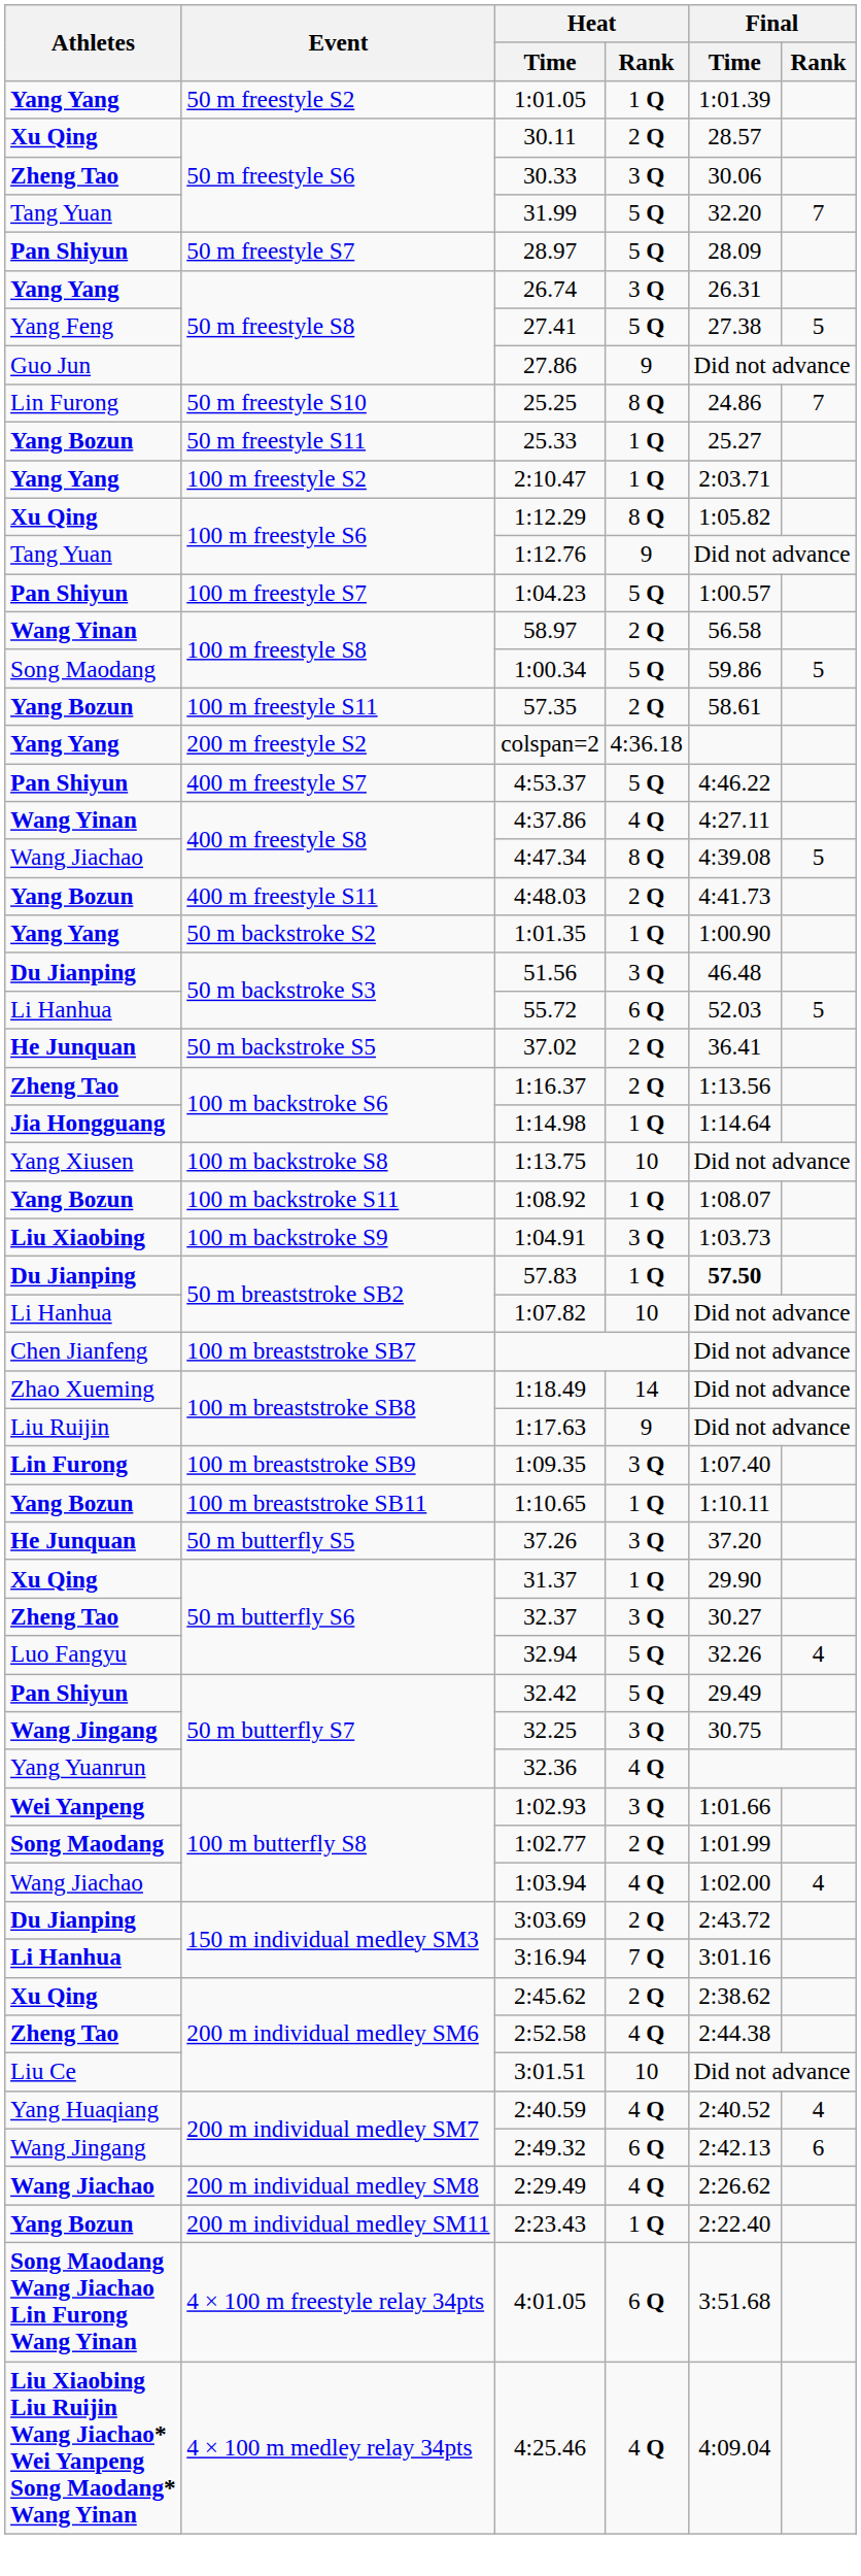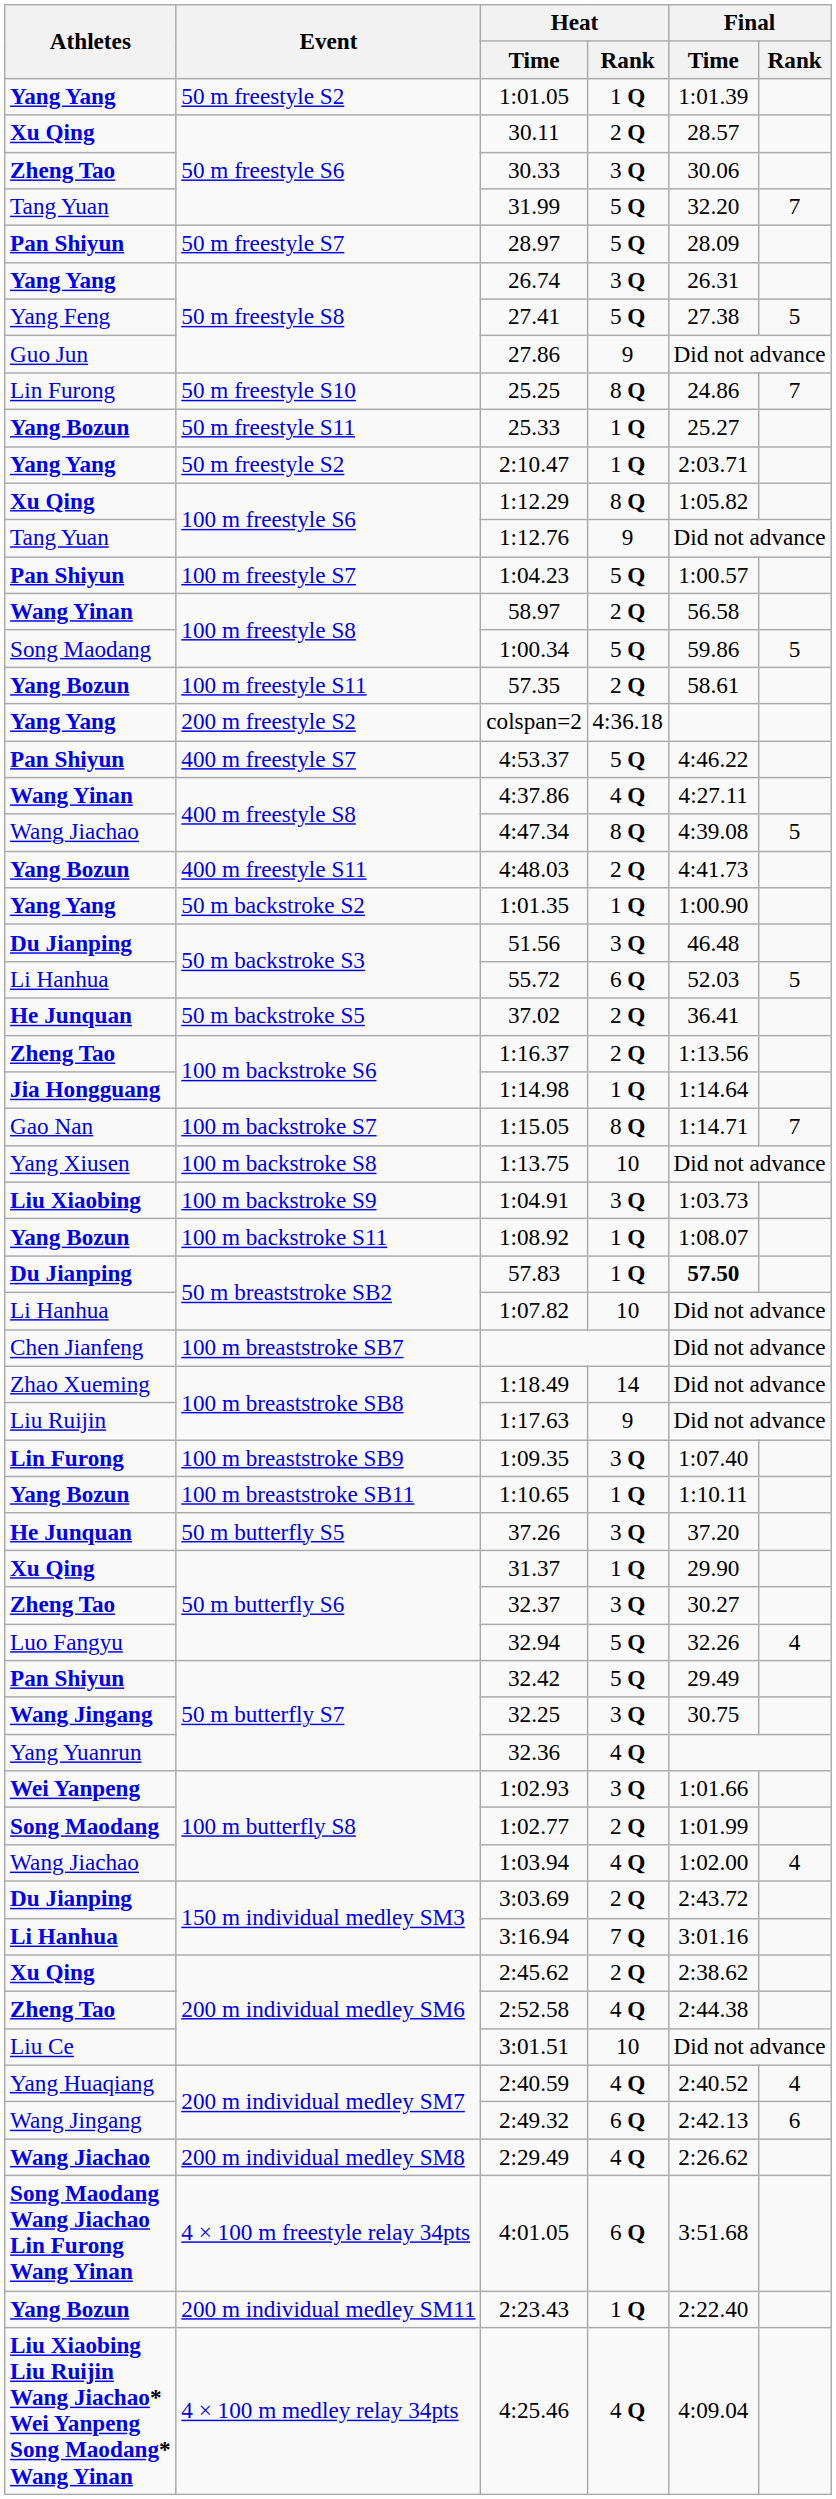 <table class=wikitable>
 <tr>
 <th rowspan="2">Athletes</th>
 <th rowspan="2">Event</th>
 <th colspan="2">Heat</th>
 <th colspan="2">Final</th>
 </tr>
 <tr>
 <th>Time</th>
 <th>Rank</th>
 <th>Time</th>
 <th>Rank</th>
 </tr>
 <tr align=center>
 <td align=left><strong><a href='#'>Yang Yang</a></strong></td>
 <td align=left><a href='#'>50 m freestyle S2</a></td>
 <td>1:01.05</td>
 <td>1 <strong>Q</strong></td>
 <td>1:01.39</td>
 <td></td>
 </tr>
 <tr align=center>
 <td align=left><strong><a href='#'>Xu Qing</a></strong></td>
 <td align=left rowspan=3><a href='#'>50 m freestyle S6</a></td>
 <td>30.11</td>
 <td>2 <strong>Q</strong></td>
 <td>28.57 </td>
 <td></td>
 </tr>
 <tr align=center>
 <td align=left><strong><a href='#'>Zheng Tao</a></strong></td>
 <td>30.33</td>
 <td>3 <strong>Q</strong></td>
 <td>30.06</td>
 <td></td>
 </tr>
 <tr align=center>
 <td align=left><a href='#'>Tang Yuan</a></td>
 <td>31.99</td>
 <td>5 <strong>Q</strong></td>
 <td>32.20</td>
 <td>7</td>
 </tr>
 <tr align=center>
 <td align=left><strong><a href='#'>Pan Shiyun</a></strong></td>
 <td align=left><a href='#'>50 m freestyle S7</a></td>
 <td>28.97 </td>
 <td>5 <strong>Q</strong></td>
 <td>28.09 </td>
 <td></td>
 </tr>
 <tr align=center>
 <td align=left><strong><a href='#'>Yang Yang</a></strong></td>
 <td align=left rowspan=3><a href='#'>50 m freestyle S8</a></td>
 <td>26.74</td>
 <td>3 <strong>Q</strong></td>
 <td>26.31 </td>
 <td></td>
 </tr>
 <tr align=center>
 <td align=left><a href='#'>Yang Feng</a></td>
 <td>27.41</td>
 <td>5 <strong>Q</strong></td>
 <td>27.38</td>
 <td>5</td>
 </tr>
 <tr align=center>
 <td align=left><a href='#'>Guo Jun</a></td>
 <td>27.86</td>
 <td>9</td>
 <td colspan=2>Did not advance</td>
 </tr>
 <tr align=center>
 <td align=left><a href='#'>Lin Furong</a></td>
 <td align=left><a href='#'>50 m freestyle S10</a></td>
 <td>25.25 </td>
 <td>8 <strong>Q</strong></td>
 <td>24.86 </td>
 <td>7</td>
 </tr>
 <tr align=center>
 <td align=left><strong><a href='#'>Yang Bozun</a></strong></td>
 <td align=left><a href='#'>50 m freestyle S11</a></td>
 <td>25.33 </td>
 <td>1 <strong>Q</strong></td>
 <td>25.27 </td>
 <td></td>
 </tr>
 <tr align=center>
 <td align=left><strong><a href='#'>Yang Yang</a></strong></td>
-<td align=left><a href='#'>100 m freestyle S2</a></td>
+<td align=left><a href='#'>50 m freestyle S2</a></td>
 <td>2:10.47 </td>
 <td>1 <strong>Q</strong></td>
 <td>2:03.71 </td>
 <td></td>
 </tr>
 <tr align=center>
 <td align=left><strong><a href='#'>Xu Qing</a></strong></td>
 <td align=left rowspan=2><a href='#'>100 m freestyle S6</a></td>
 <td>1:12.29</td>
 <td>8 <strong>Q</strong></td>
 <td>1:05.82 </td>
 <td></td>
 </tr>
 <tr align=center>
 <td align=left><a href='#'>Tang Yuan</a></td>
 <td>1:12.76</td>
 <td>9</td>
 <td colspan=2>Did not advance</td>
 </tr>
 <tr align=center>
 <td align=left><strong><a href='#'>Pan Shiyun</a></strong></td>
 <td align=left><a href='#'>100 m freestyle S7</a></td>
 <td>1:04.23</td>
 <td>5 <strong>Q</strong></td>
 <td>1:00.57 </td>
 <td></td>
 </tr>
 <tr align=center>
 <td align=left><strong><a href='#'>Wang Yinan</a></strong></td>
 <td align=left rowspan=2><a href='#'>100 m freestyle S8</a></td>
 <td>58.97</td>
 <td>2 <strong>Q</strong></td>
 <td>56.58 </td>
 <td></td>
 </tr>
 <tr align=center>
 <td align=left><a href='#'>Song Maodang</a></td>
 <td>1:00.34</td>
 <td>5 <strong>Q</strong></td>
 <td>59.86</td>
 <td>5</td>
 </tr>
 <tr align=center>
 <td align=left><strong><a href='#'>Yang Bozun</a></strong></td>
 <td align=left><a href='#'>100 m freestyle S11</a></td>
 <td>57.35 </td>
 <td>2 <strong>Q</strong></td>
 <td>58.61</td>
 <td></td>
 </tr>
 <tr align=center>
 <td align=left><strong><a href='#'>Yang Yang</a></strong></td>
 <td align=left><a href='#'>200 m freestyle S2</a></td>
 <td>colspan=2 </td>
 <td>4:36.18 </td>
 <td></td>
 </tr>
 <tr align=center>
 <td align=left><strong><a href='#'>Pan Shiyun</a></strong></td>
 <td align=left><a href='#'>400 m freestyle S7</a></td>
 <td>4:53.37 </td>
 <td>5 <strong>Q</strong></td>
 <td>4:46.22 </td>
 <td></td>
 </tr>
 <tr align=center>
 <td align=left><strong><a href='#'>Wang Yinan</a></strong></td>
 <td align=left rowspan=2><a href='#'>400 m freestyle S8</a></td>
 <td>4:37.86</td>
 <td>4 <strong>Q</strong></td>
 <td>4:27.11 </td>
 <td></td>
 </tr>
 <tr align=center>
 <td align=left><a href='#'>Wang Jiachao</a></td>
 <td>4:47.34</td>
 <td>8 <strong>Q</strong></td>
 <td>4:39.08</td>
 <td>5</td>
 </tr>
 <tr align=center>
 <td align=left><strong><a href='#'>Yang Bozun</a></strong></td>
 <td align=left><a href='#'>400 m freestyle S11</a></td>
 <td>4:48.03</td>
 <td>2 <strong>Q</strong></td>
 <td>4:41.73 </td>
 <td></td>
 </tr>
 <tr align=center>
 <td align=left><strong><a href='#'>Yang Yang</a></strong></td>
 <td align=left><a href='#'>50 m backstroke S2</a></td>
 <td>1:01.35 </td>
 <td>1 <strong>Q</strong></td>
 <td>1:00.90 </td>
 <td></td>
 </tr>
 <tr align=center>
 <td align=left><strong><a href='#'>Du Jianping</a></strong></td>
 <td align=left rowspan=2><a href='#'>50 m backstroke S3</a></td>
 <td>51.56</td>
 <td>3 <strong>Q</strong></td>
 <td>46.48</td>
 <td></td>
 </tr>
 <tr align=center>
 <td align=left><a href='#'>Li Hanhua</a></td>
 <td>55.72</td>
 <td>6 <strong>Q</strong></td>
 <td>52.03</td>
 <td>5</td>
 </tr>
 <tr align=center>
 <td align=left><strong><a href='#'>He Junquan</a></strong></td>
 <td align=left><a href='#'>50 m backstroke S5</a></td>
 <td>37.02</td>
 <td>2 <strong>Q</strong></td>
 <td>36.41</td>
 <td></td>
 </tr>
 <tr align=center>
 <td align=left><strong><a href='#'>Zheng Tao</a></strong></td>
 <td align=left rowspan=2><a href='#'>100 m backstroke S6</a></td>
 <td>1:16.37</td>
 <td>2 <strong>Q</strong></td>
 <td>1:13.56 </td>
 <td></td>
 </tr>
 <tr align=center>
 <td align=left><strong><a href='#'>Jia Hongguang</a></strong></td>
 <td>1:14.98 </td>
 <td>1 <strong>Q</strong></td>
 <td>1:14.64</td>
 <td></td>
 </tr>
 <tr align=center>
+<td align=left><a href='#'>Gao Nan</a></td>
+<td align=left><a href='#'>100 m backstroke S7</a></td>
+<td>1:15.05 </td>
+<td>8 <strong>Q</strong></td>
+<td>1:14.71 </td>
+<td>7</td>
+</tr>
+<tr align=center>
 <td align=left><a href='#'>Yang Xiusen</a></td>
 <td align=left><a href='#'>100 m backstroke S8</a></td>
 <td>1:13.75</td>
 <td>10</td>
 <td colspan=2>Did not advance</td>
 </tr>
 <tr align=center>
+<td align=left><strong><a href='#'>Liu Xiaobing</a></strong></td>
+<td align=left><a href='#'>100 m backstroke S9</a></td>
+<td>1:04.91</td>
+<td>3 <strong>Q</strong></td>
+<td>1:03.73</td>
+<td></td>
+</tr>
+<tr align=center>
 <td align=left><strong><a href='#'>Yang Bozun</a></strong></td>
 <td align=left><a href='#'>100 m backstroke S11</a></td>
 <td>1:08.92</td>
 <td>1 <strong>Q</strong></td>
 <td>1:08.07</td>
-<td></td>
-</tr>
-<tr align=center>
-<td align=left><strong><a href='#'>Liu Xiaobing</a></strong></td>
-<td align=left><a href='#'>100 m backstroke S9</a></td>
-<td>1:04.91</td>
-<td>3 <strong>Q</strong></td>
-<td>1:03.73</td>
 <td></td>
 </tr>
 <tr align=center>
 <td align=left><strong><a href='#'>Du Jianping</a></strong></td>
 <td align=left rowspan=2><a href='#'>50 m breaststroke SB2</a></td>
 <td>57.83 </td>
 <td>1 <strong>Q</strong></td>
 <td><strong>57.50 </strong></td>
 <td></td>
 </tr>
 <tr align=center>
 <td align=left><a href='#'>Li Hanhua</a></td>
 <td>1:07.82</td>
 <td>10</td>
 <td colspan=2>Did not advance</td>
 </tr>
 <tr align=center>
 <td align=left><a href='#'>Chen Jianfeng</a></td>
 <td align=left><a href='#'>100 m breaststroke SB7</a></td>
 <td colspan=2></td>
 <td colspan=2>Did not advance</td>
 </tr>
 <tr align=center>
 <td align=left><a href='#'>Zhao Xueming</a></td>
 <td align=left rowspan=2><a href='#'>100 m breaststroke SB8</a></td>
 <td>1:18.49</td>
 <td>14</td>
 <td colspan=2>Did not advance</td>
 </tr>
 <tr align=center>
 <td align=left><a href='#'>Liu Ruijin</a></td>
 <td>1:17.63</td>
 <td>9</td>
 <td colspan=2>Did not advance</td>
 </tr>
 <tr align=center>
 <td align=left><strong><a href='#'>Lin Furong</a></strong></td>
 <td align=left><a href='#'>100 m breaststroke SB9</a></td>
 <td>1:09.35 </td>
 <td>3 <strong>Q</strong></td>
 <td>1:07.40 </td>
 <td></td>
 </tr>
 <tr align=center>
 <td align=left><strong><a href='#'>Yang Bozun</a></strong></td>
 <td align=left><a href='#'>100 m breaststroke SB11</a></td>
 <td>1:10.65 </td>
 <td>1 <strong>Q</strong></td>
 <td>1:10.11 </td>
 <td></td>
 </tr>
 <tr align=center>
 <td align=left><strong><a href='#'>He Junquan</a></strong></td>
 <td align=left><a href='#'>50 m butterfly S5</a></td>
 <td>37.26</td>
 <td>3 <strong>Q</strong></td>
 <td>37.20</td>
 <td></td>
 </tr>
 <tr align=center>
 <td align=left><strong><a href='#'>Xu Qing</a></strong></td>
 <td align=left rowspan=3><a href='#'>50 m butterfly S6</a></td>
 <td>31.37</td>
 <td>1 <strong>Q</strong></td>
 <td>29.90 </td>
 <td></td>
 </tr>
 <tr align=center>
 <td align=left><strong><a href='#'>Zheng Tao</a></strong></td>
 <td>32.37</td>
 <td>3 <strong>Q</strong></td>
 <td>30.27</td>
 <td></td>
 </tr>
 <tr align=center>
 <td align=left><a href='#'>Luo Fangyu</a></td>
 <td>32.94</td>
 <td>5 <strong>Q</strong></td>
 <td>32.26</td>
 <td>4</td>
 </tr>
 <tr align=center>
 <td align=left><strong><a href='#'>Pan Shiyun</a></strong></td>
 <td align=left rowspan=3><a href='#'>50 m butterfly S7</a></td>
 <td>32.42</td>
 <td>5 <strong>Q</strong></td>
 <td>29.49 </td>
 <td></td>
 </tr>
 <tr align=center>
 <td align=left><strong><a href='#'>Wang Jingang</a></strong></td>
 <td>32.25</td>
 <td>3 <strong>Q</strong></td>
 <td>30.75</td>
 <td></td>
 </tr>
 <tr align=center>
 <td align=left><a href='#'>Yang Yuanrun</a></td>
 <td>32.36</td>
 <td>4 <strong>Q</strong></td>
 <td colspan=2></td>
 </tr>
 <tr align=center>
 <td align=left><strong><a href='#'>Wei Yanpeng</a></strong></td>
 <td align=left rowspan=3><a href='#'>100 m butterfly S8</a></td>
 <td>1:02.93</td>
 <td>3 <strong>Q</strong></td>
 <td>1:01.66</td>
 <td></td>
 </tr>
 <tr align=center>
 <td align=left><strong><a href='#'>Song Maodang</a></strong></td>
 <td>1:02.77</td>
 <td>2 <strong>Q</strong></td>
 <td>1:01.99</td>
 <td></td>
 </tr>
 <tr align=center>
 <td align=left><a href='#'>Wang Jiachao</a></td>
 <td>1:03.94</td>
 <td>4 <strong>Q</strong></td>
 <td>1:02.00</td>
 <td>4</td>
 </tr>
 <tr align=center>
 <td align=left><strong><a href='#'>Du Jianping</a></strong></td>
 <td align=left rowspan=2><a href='#'>150 m individual medley SM3</a></td>
 <td>3:03.69</td>
 <td>2 <strong>Q</strong></td>
 <td>2:43.72 </td>
 <td></td>
 </tr>
 <tr align=center>
 <td align=left><strong><a href='#'>Li Hanhua</a></strong></td>
 <td>3:16.94</td>
 <td>7 <strong>Q</strong></td>
 <td>3:01.16</td>
 <td></td>
 </tr>
 <tr align=center>
 <td align=left><strong><a href='#'>Xu Qing</a></strong></td>
 <td align=left rowspan=3><a href='#'>200 m individual medley SM6</a></td>
 <td>2:45.62</td>
 <td>2 <strong>Q</strong></td>
 <td>2:38.62 </td>
 <td></td>
 </tr>
 <tr align=center>
 <td align=left><strong><a href='#'>Zheng Tao</a></strong></td>
 <td>2:52.58</td>
 <td>4 <strong>Q</strong></td>
 <td>2:44.38</td>
 <td></td>
 </tr>
 <tr align=center>
 <td align=left><a href='#'>Liu Ce</a></td>
 <td>3:01.51</td>
 <td>10</td>
 <td colspan=2>Did not advance</td>
 </tr>
 <tr align=center>
 <td align=left><a href='#'>Yang Huaqiang</a></td>
 <td align=left rowspan=2><a href='#'>200 m individual medley SM7</a></td>
 <td>2:40.59 </td>
 <td>4 <strong>Q</strong></td>
 <td>2:40.52 </td>
 <td>4</td>
 </tr>
 <tr align=center>
 <td align=left><a href='#'>Wang Jingang</a></td>
 <td>2:49.32</td>
 <td>6 <strong>Q</strong></td>
 <td>2:42.13</td>
 <td>6</td>
 </tr>
 <tr align=center>
 <td align=left><strong><a href='#'>Wang Jiachao</a></strong></td>
 <td align=left><a href='#'>200 m individual medley SM8</a></td>
 <td>2:29.49</td>
 <td>4 <strong>Q</strong></td>
 <td>2:26.62</td>
 <td></td>
 </tr>
 <tr align=center>
+<td align=left><strong><a href='#'>Song Maodang</a><br> <a href='#'>Wang Jiachao</a><br> <a href='#'>Lin Furong</a><br> <a href='#'>Wang Yinan</a></strong></td>
+<td align=left><a href='#'>4 × 100 m freestyle relay 34pts</a></td>
+<td>4:01.05</td>
+<td>6 <strong>Q</strong></td>
+<td>3:51.68 </td>
+<td></td>
+</tr>
+<tr align=center>
 <td align=left><strong><a href='#'>Yang Bozun</a></strong></td>
 <td align=left><a href='#'>200 m individual medley SM11</a></td>
 <td>2:23.43 </td>
 <td>1 <strong>Q</strong></td>
 <td>2:22.40 </td>
-<td></td>
-</tr>
-<tr align=center>
-<td align=left><strong><a href='#'>Song Maodang</a><br> <a href='#'>Wang Jiachao</a><br> <a href='#'>Lin Furong</a><br> <a href='#'>Wang Yinan</a></strong></td>
-<td align=left><a href='#'>4 × 100 m freestyle relay 34pts</a></td>
-<td>4:01.05</td>
-<td>6 <strong>Q</strong></td>
-<td>3:51.68 </td>
 <td></td>
 </tr>
 <tr align=center>
 <td align=left><strong><a href='#'>Liu Xiaobing</a><br> <a href='#'>Liu Ruijin</a><br> <a href='#'>Wang Jiachao</a>*<br> <a href='#'>Wei Yanpeng</a><br> <a href='#'>Song Maodang</a>*<br> <a href='#'>Wang Yinan</a></strong></td>
 <td align=left><a href='#'>4 × 100 m medley relay 34pts</a></td>
 <td>4:25.46</td>
 <td>4 <strong>Q</strong></td>
 <td>4:09.04 </td>
 <td></td>
 </tr>
 </table>
